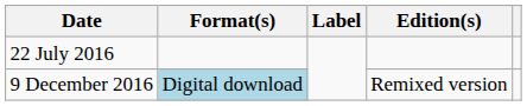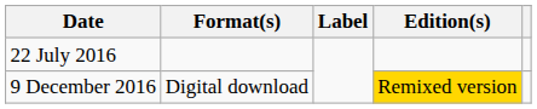 <table class="wikitable plainrowheaders">
 <tr>
 <th scope="col">Date</th>
 <th scope="col">Format(s)</th>
 <th scope="col">Label</th>
 <th scope="col">Edition(s)</th>
 <th scope="col"></th>
 </tr>
 <tr>
 <td>22 July 2016</td>
 <td></td>
 <td rowspan="2"></td>
 <td></td>
 <td></td>
 </tr>
 <tr>
 <td>9 December 2016</td>
-<td style="background: lightblue;">Digital download</td>
-<td>Remixed version</td>
+<td>Digital download</td>
+<td style="background: gold;">Remixed version</td>
 <td></td>
 </tr>
 </table>
